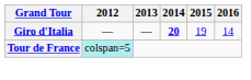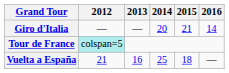 <table class="wikitable plainrowheaders">
 <tr>
 <th scope="col"><a href='#'>Grand Tour</a></th>
 <th scope="col">2012</th>
 <th scope="col">2013</th>
 <th scope="col">2014</th>
 <th scope="col">2015</th>
 <th scope="col">2016</th>
 </tr>
 <tr style="text-align:center;">
 <th scope="row"> <a href='#'>Giro d'Italia</a></th>
 <td>—</td>
 <td>—</td>
-<td><strong><a href='#'>20</a></strong></td>
-<td><a href='#'>19</a></td>
+<td><a href='#'>20</a></td>
+<td><a href='#'>21</a></td>
 <td><a href='#'>14</a></td>
 </tr>
 <tr style="text-align:center;">
 <th scope="row"> <a href='#'>Tour de France</a></th>
 <td style="background: paleturquoise;">colspan=5 </td>
 </tr>
+<tr style="text-align:center;">
+<th scope="row"> <a href='#'>Vuelta a España</a></th>
+<td><a href='#'>21</a></td>
+<td><a href='#'>16</a></td>
+<td><a href='#'>25</a></td>
+<td><a href='#'>18</a></td>
+<td>—</td>
+</tr>
 </table>
